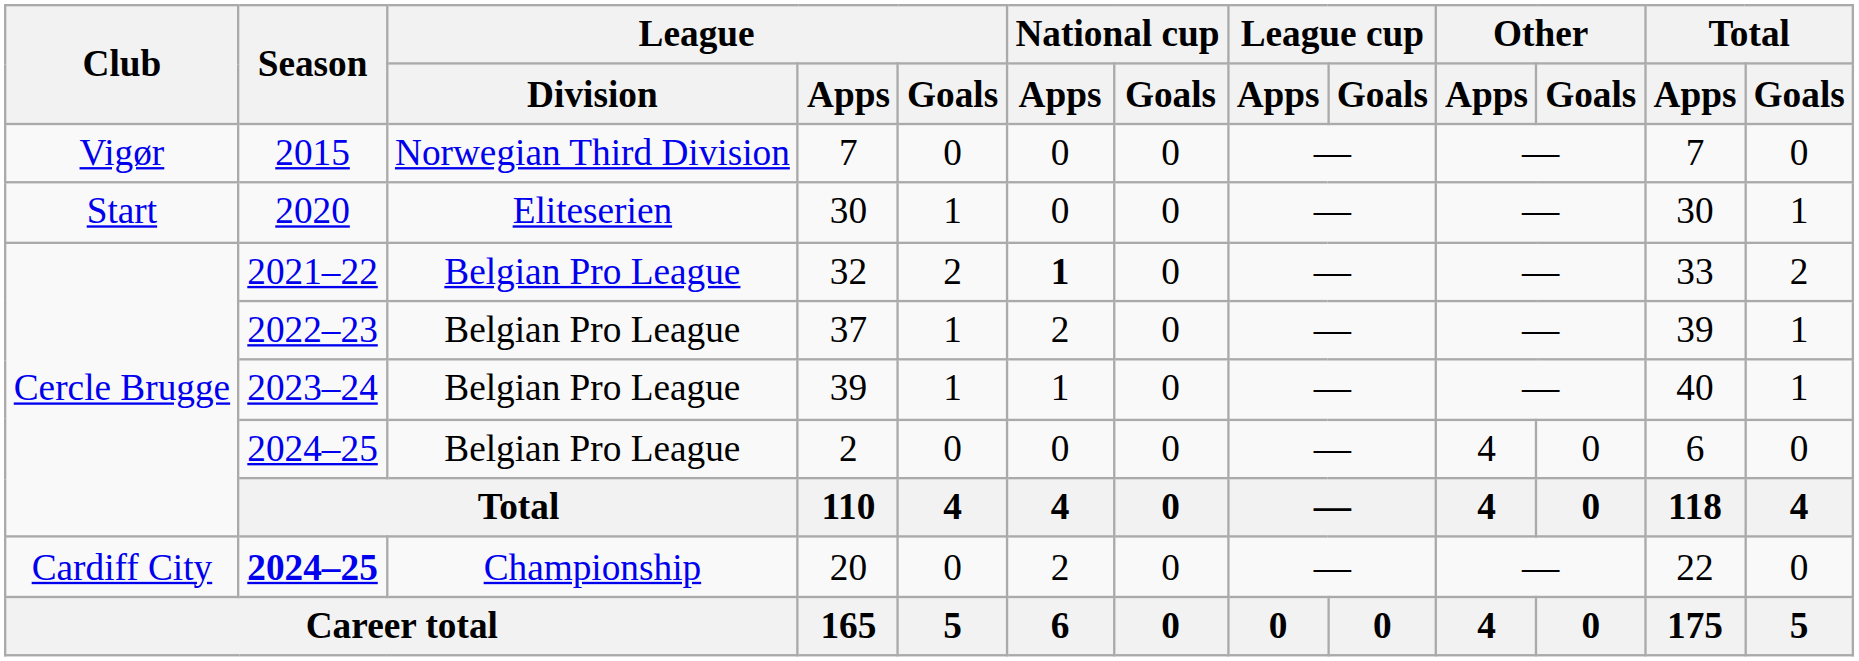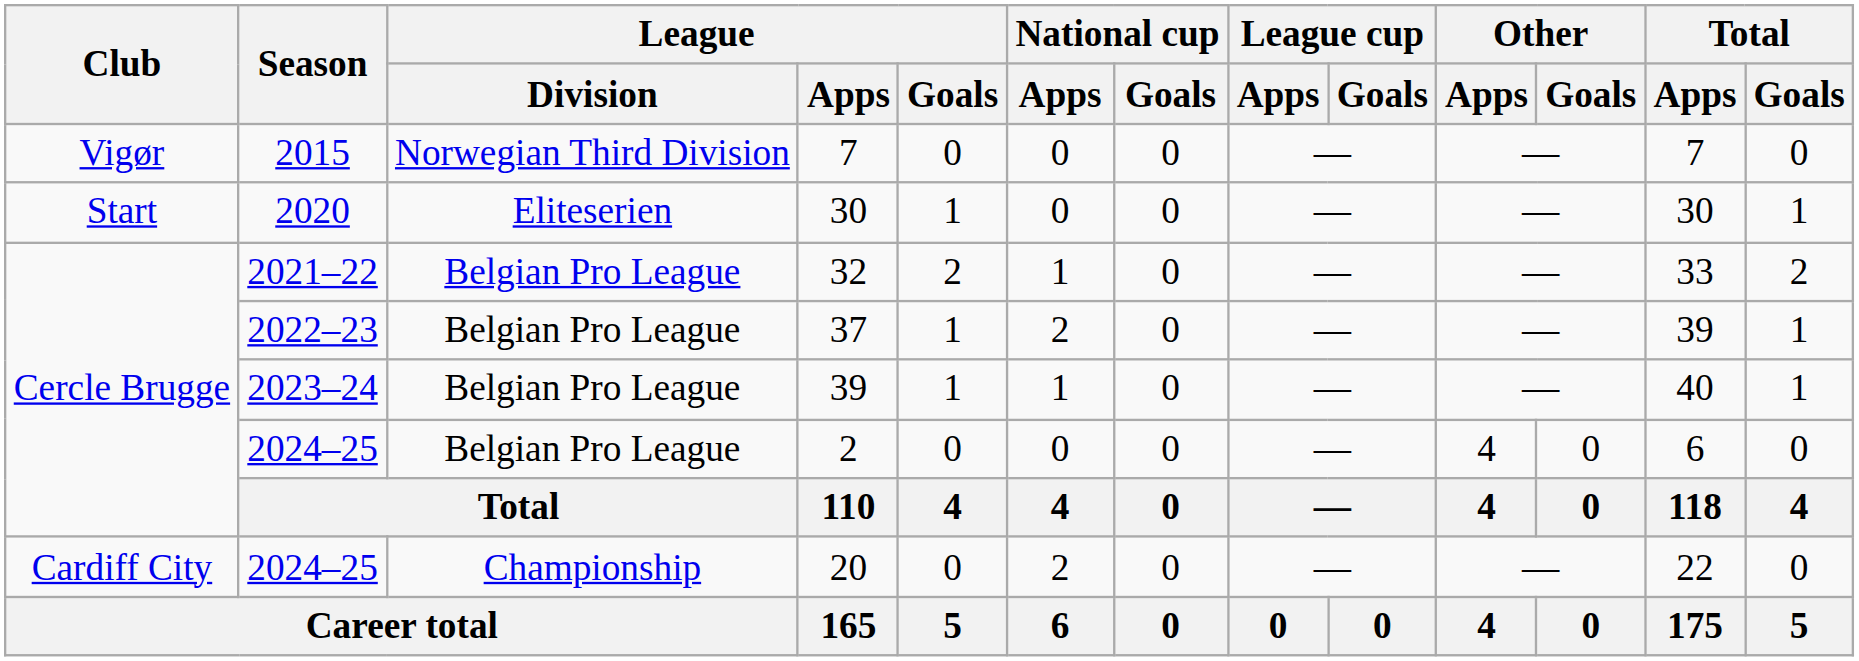 <table class=wikitable style=text-align:center>
 <tr>
 <th rowspan="2">Club</th>
 <th rowspan="2">Season</th>
 <th colspan="3">League</th>
 <th colspan="2">National cup</th>
 <th colspan="2">League cup</th>
 <th colspan="2">Other</th>
 <th colspan="2">Total</th>
 </tr>
 <tr>
 <th>Division</th>
 <th>Apps</th>
 <th>Goals</th>
 <th>Apps</th>
 <th>Goals</th>
 <th>Apps</th>
 <th>Goals</th>
 <th>Apps</th>
 <th>Goals</th>
 <th>Apps</th>
 <th>Goals</th>
 </tr>
 <tr>
 <td><a href='#'>Vigør</a></td>
 <td><a href='#'>2015</a></td>
 <td><a href='#'>Norwegian Third Division</a></td>
 <td>7</td>
 <td>0</td>
 <td>0</td>
 <td>0</td>
 <td colspan="2">—</td>
 <td colspan="2">—</td>
 <td>7</td>
 <td>0</td>
 </tr>
 <tr>
 <td><a href='#'>Start</a></td>
 <td><a href='#'>2020</a></td>
 <td><a href='#'>Eliteserien</a></td>
 <td>30</td>
 <td>1</td>
 <td>0</td>
 <td>0</td>
 <td colspan="2">—</td>
 <td colspan="2">—</td>
 <td>30</td>
 <td>1</td>
 </tr>
 <tr>
 <td rowspan="5"><a href='#'>Cercle Brugge</a></td>
 <td><a href='#'>2021–22</a></td>
 <td><a href='#'>Belgian Pro League</a></td>
 <td>32</td>
 <td>2</td>
-<td><strong>1</strong></td>
+<td>1</td>
 <td>0</td>
 <td colspan="2">—</td>
 <td colspan="2">—</td>
 <td>33</td>
 <td>2</td>
 </tr>
 <tr>
 <td><a href='#'>2022–23</a></td>
 <td>Belgian Pro League</td>
 <td>37</td>
 <td>1</td>
 <td>2</td>
 <td>0</td>
 <td colspan="2">—</td>
 <td colspan="2">—</td>
 <td>39</td>
 <td>1</td>
 </tr>
 <tr>
 <td><a href='#'>2023–24</a></td>
 <td>Belgian Pro League</td>
 <td>39</td>
 <td>1</td>
 <td>1</td>
 <td>0</td>
 <td colspan="2">—</td>
 <td colspan="2">—</td>
 <td>40</td>
 <td>1</td>
 </tr>
 <tr>
 <td><a href='#'>2024–25</a></td>
 <td>Belgian Pro League</td>
 <td>2</td>
 <td>0</td>
 <td>0</td>
 <td>0</td>
 <td colspan="2">—</td>
 <td>4</td>
 <td>0</td>
 <td>6</td>
 <td>0</td>
 </tr>
 <tr>
 <th colspan=2>Total</th>
 <th>110</th>
 <th>4</th>
 <th>4</th>
 <th>0</th>
 <th colspan="2">—</th>
 <th>4</th>
 <th>0</th>
 <th>118</th>
 <th>4</th>
 </tr>
 <tr>
 <td><a href='#'>Cardiff City</a></td>
-<td><strong><a href='#'>2024–25</a></strong></td>
+<td><a href='#'>2024–25</a></td>
 <td><a href='#'>Championship</a></td>
 <td>20</td>
 <td>0</td>
 <td>2</td>
 <td>0</td>
 <td colspan="2">—</td>
 <td colspan="2">—</td>
 <td>22</td>
 <td>0</td>
 </tr>
 <tr>
 <th colspan=3>Career total</th>
 <th>165</th>
 <th>5</th>
 <th>6</th>
 <th>0</th>
 <th>0</th>
 <th>0</th>
 <th>4</th>
 <th>0</th>
 <th>175</th>
 <th>5</th>
 </tr>
 </table>
